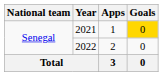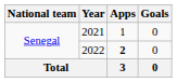 <table class="wikitable" style="text-align: center">
 <tr>
 <th>National team</th>
 <th>Year</th>
 <th>Apps</th>
 <th>Goals</th>
 </tr>
 <tr>
 <td rowspan="2"><a href='#'>Senegal</a></td>
 <td>2021</td>
 <td>1</td>
-<td style="background: gold;">0</td>
+<td>0</td>
 </tr>
 <tr>
 <td>2022</td>
-<td>2</td>
+<td><strong>2</strong></td>
 <td>0</td>
 </tr>
 <tr>
 <th colspan="2">Total</th>
 <th>3</th>
 <th>0</th>
 </tr>
 </table>
